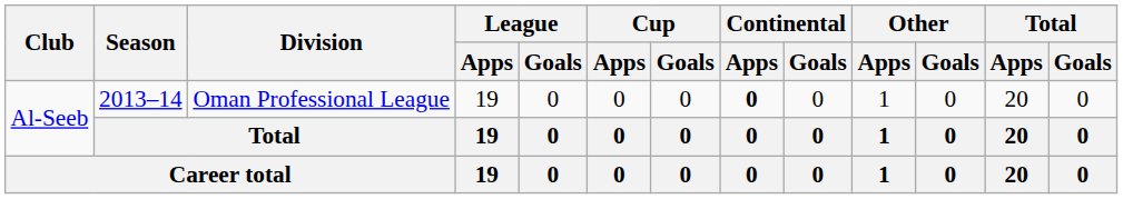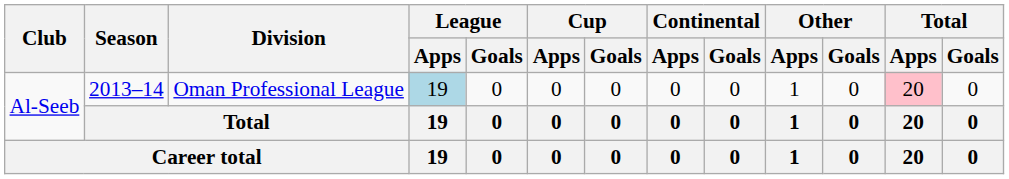 <table class="wikitable" style="text-align: center;">
 <tr>
 <th rowspan="2">Club</th>
 <th rowspan="2">Season</th>
 <th rowspan="2">Division</th>
 <th colspan="2">League</th>
 <th colspan="2">Cup</th>
 <th colspan="2">Continental</th>
 <th colspan="2">Other</th>
 <th colspan="2">Total</th>
 </tr>
 <tr>
 <th>Apps</th>
 <th>Goals</th>
 <th>Apps</th>
 <th>Goals</th>
 <th>Apps</th>
 <th>Goals</th>
 <th>Apps</th>
 <th>Goals</th>
 <th>Apps</th>
 <th>Goals</th>
 </tr>
 <tr>
 <td rowspan="2"><a href='#'>Al-Seeb</a></td>
 <td><a href='#'>2013–14</a></td>
 <td rowspan="1"><a href='#'>Oman Professional League</a></td>
-<td>19</td>
+<td style="background: lightblue;">19</td>
 <td>0</td>
 <td>0</td>
 <td>0</td>
-<td><strong>0</strong></td>
+<td>0</td>
 <td>0</td>
 <td>1</td>
 <td>0</td>
-<td>20</td>
+<td style="background: pink;">20</td>
 <td>0</td>
 </tr>
 <tr>
 <th colspan="2">Total</th>
 <th>19</th>
 <th>0</th>
 <th>0</th>
 <th>0</th>
 <th>0</th>
 <th>0</th>
 <th>1</th>
 <th>0</th>
 <th>20</th>
 <th>0</th>
 </tr>
 <tr>
 <th colspan="3">Career total</th>
 <th>19</th>
 <th>0</th>
 <th>0</th>
 <th>0</th>
 <th>0</th>
 <th>0</th>
 <th>1</th>
 <th>0</th>
 <th>20</th>
 <th>0</th>
 </tr>
 </table>
